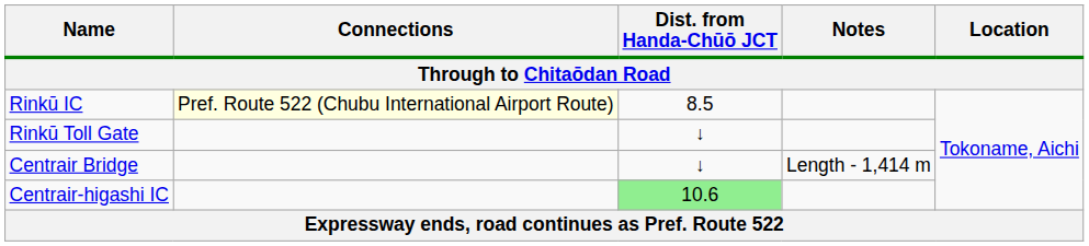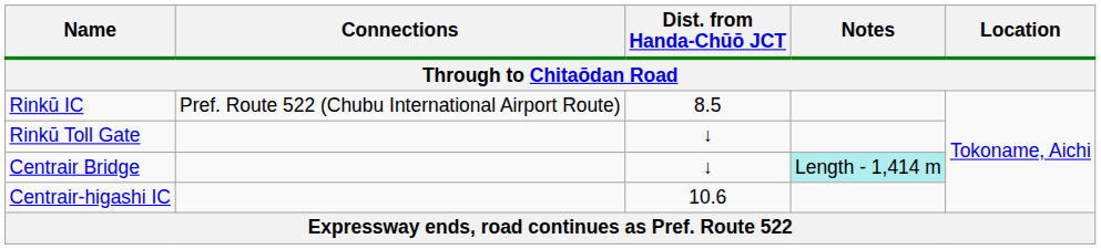 <table table class="wikitable">
 <tr>
 <th style="border-bottom: 3px solid green;">Name</th>
 <th style="border-bottom: 3px solid green;">Connections</th>
 <th style="border-bottom: 3px solid green;">Dist. from<br><a href='#'>Handa-Chūō JCT</a></th>
 <th style="border-bottom: 3px solid green;">Notes</th>
 <th style="border-bottom: 3px solid green;">Location</th>
 </tr>
 <tr>
 <th colspan="5" style="text-align: center;"><strong>Through to <a href='#'>Chitaōdan Road</a></strong></th>
 </tr>
 <tr>
 <td><a href='#'>Rinkū IC</a></td>
-<td style="background: lightyellow;">Pref. Route 522 (Chubu International Airport Route)</td>
+<td>Pref. Route 522 (Chubu International Airport Route)</td>
 <td style="text-align: center;">8.5</td>
 <td></td>
 <td rowspan="4"><a href='#'>Tokoname, Aichi</a></td>
 </tr>
 <tr>
 <td><a href='#'>Rinkū Toll Gate</a></td>
 <td></td>
 <td style="text-align: center;">↓</td>
 <td></td>
 </tr>
 <tr>
 <td><a href='#'>Centrair Bridge</a></td>
 <td></td>
 <td style="text-align: center;">↓</td>
-<td>Length - 1,414 m</td>
+<td style="background: paleturquoise;">Length - 1,414 m</td>
 </tr>
 <tr>
 <td><a href='#'>Centrair-higashi IC</a></td>
 <td></td>
-<td style="background: lightgreen; text-align: center;">10.6</td>
+<td style="text-align: center;">10.6</td>
 <td></td>
 </tr>
 <tr>
 <th colspan="5" style="text-align: center;"><strong>Expressway ends, road continues as Pref. Route 522</strong></th>
 </tr>
 </table>
